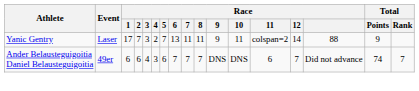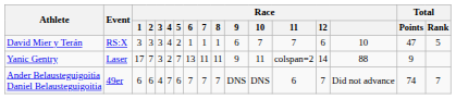 <table class=wikitable style=font-size:90%;text-align:center>
 <tr>
 <th rowspan=2>Athlete</th>
 <th rowspan=2>Event</th>
 <th colspan=13>Race</th>
 <th colspan=2>Total</th>
 </tr>
 <tr style=font-size:95%>
 <th>1</th>
 <th>2</th>
 <th>3</th>
 <th>4</th>
 <th>5</th>
 <th>6</th>
 <th>7</th>
 <th>8</th>
 <th>9</th>
 <th>10</th>
 <th>11</th>
 <th>12</th>
 <th></th>
 <th>Points</th>
 <th>Rank</th>
 </tr>
 <tr>
+<td align=left><a href='#'>David Mier y Terán</a></td>
+<td align=left><a href='#'>RS:X</a></td>
+<td>3</td>
+<td>3</td>
+<td>3</td>
+<td>4</td>
+<td>2</td>
+<td>1</td>
+<td>1</td>
+<td>1</td>
+<td>6</td>
+<td>7</td>
+<td>7</td>
+<td>6</td>
+<td>10</td>
+<td>47</td>
+<td>5</td>
+</tr>
+<tr>
 <td align=left><a href='#'>Yanic Gentry</a></td>
 <td align=left><a href='#'>Laser</a></td>
 <td>17</td>
 <td>7</td>
 <td>3</td>
 <td>2</td>
 <td>7</td>
 <td>13</td>
 <td>11</td>
 <td>11</td>
 <td>9</td>
 <td>11</td>
 <td>colspan=2 </td>
 <td>14</td>
 <td>88</td>
 <td>9</td>
 </tr>
 <tr>
 <td align=left><a href='#'>Ander Belausteguigoitia</a><br><a href='#'>Daniel Belausteguigoitia</a></td>
 <td align=left><a href='#'>49er</a></td>
 <td>6</td>
 <td>6</td>
 <td>4</td>
-<td>3</td>
+<td>7</td>
 <td>6</td>
 <td>7</td>
 <td>7</td>
 <td>7</td>
 <td>DNS</td>
 <td>DNS</td>
 <td>6</td>
 <td>7</td>
 <td>Did not advance</td>
 <td>74</td>
 <td>7</td>
 </tr>
 </table>
